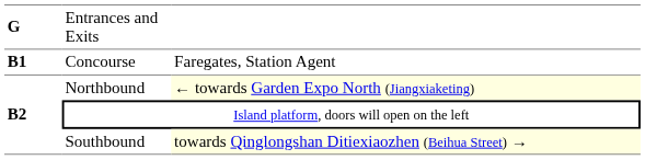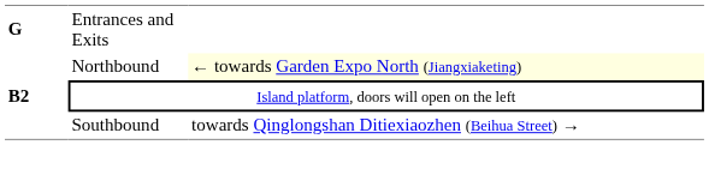 <table table border=0 cellspacing=0 cellpadding=3>
 <tr>
 <td style="border-top:solid 1px gray;border-bottom:solid 0px gray;" width=50><strong>G</strong></td>
 <td style="border-top:solid 1px gray;border-bottom:solid 0px gray;" width=100>Entrances and Exits</td>
 <td style="border-top:solid 1px gray;border-bottom:solid 0px gray;" width=450></td>
-</tr>
-<tr>
-<td style="border-top:solid 1px gray;border-bottom:solid 1px gray;" width=50><strong>B1</strong></td>
-<td style="border-top:solid 1px gray;border-bottom:solid 1px gray;" width=100>Concourse</td>
-<td style="border-top:solid 1px gray;border-bottom:solid 1px gray;" width=450>Faregates, Station Agent</td>
 </tr>
 <tr>
 <td style="border-bottom:solid 1px gray;" rowspan=3><strong>B2</strong></td>
 <td>Northbound</td>
 <td style="background: lightyellow;">←  towards <a href='#'>Garden Expo North</a> <small>(<a href='#'>Jiangxiaketing</a>)</small></td>
 </tr>
 <tr>
 <td style="border-right:solid 2px black;border-left:solid 2px black;border-top:solid 2px black;border-bottom:solid 2px black;text-align:center;" colspan=2><small><a href='#'>Island platform</a>, doors will open on the left</small></td>
 </tr>
 <tr>
 <td style="border-bottom:solid 1px gray;">Southbound</td>
-<td style="background: lightyellow; border-bottom:solid 1px gray;"> towards <a href='#'>Qinglongshan Ditiexiaozhen</a> <small>(<a href='#'>Beihua Street</a>)</small> →</td>
+<td style="border-bottom:solid 1px gray;"> towards <a href='#'>Qinglongshan Ditiexiaozhen</a> <small>(<a href='#'>Beihua Street</a>)</small> →</td>
 </tr>
 </table>
